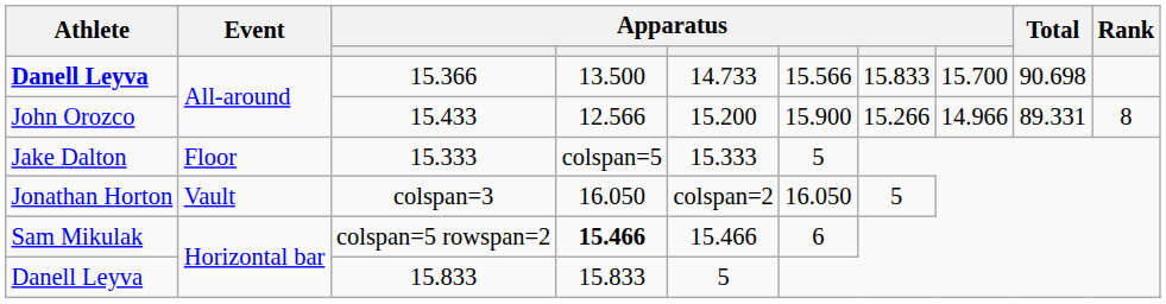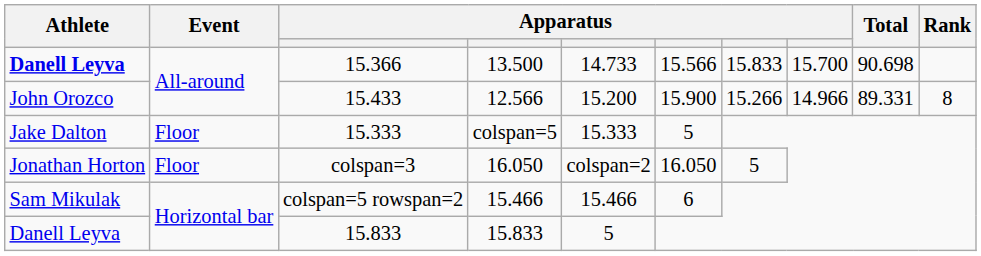 <table class=wikitable style=font-size:90%;text-align:center>
 <tr>
 <th rowspan=2>Athlete</th>
 <th rowspan=2>Event</th>
 <th colspan=6>Apparatus</th>
 <th rowspan=2>Total</th>
 <th rowspan=2>Rank</th>
 </tr>
 <tr style=font-size:95%>
 <th></th>
 <th></th>
 <th></th>
 <th></th>
 <th></th>
 <th></th>
 </tr>
 <tr>
 <td align=left><strong><a href='#'>Danell Leyva</a></strong></td>
 <td align=left rowspan=2><a href='#'>All-around</a></td>
 <td>15.366</td>
 <td>13.500</td>
 <td>14.733</td>
 <td>15.566</td>
 <td>15.833</td>
 <td>15.700</td>
 <td>90.698</td>
 <td></td>
 </tr>
 <tr>
 <td align=left><a href='#'>John Orozco</a></td>
 <td>15.433</td>
 <td>12.566</td>
 <td>15.200</td>
 <td>15.900</td>
 <td>15.266</td>
 <td>14.966</td>
 <td>89.331</td>
 <td>8</td>
 </tr>
 <tr>
 <td align=left><a href='#'>Jake Dalton</a></td>
 <td align=left><a href='#'>Floor</a></td>
 <td>15.333</td>
 <td>colspan=5 </td>
 <td>15.333</td>
 <td>5</td>
 </tr>
 <tr>
 <td align=left><a href='#'>Jonathan Horton</a></td>
-<td align=left><a href='#'>Vault</a></td>
+<td align=left><a href='#'>Floor</a></td>
 <td>colspan=3 </td>
 <td>16.050</td>
 <td>colspan=2 </td>
 <td>16.050</td>
 <td>5</td>
 </tr>
 <tr>
 <td align=left><a href='#'>Sam Mikulak</a></td>
 <td align=left rowspan=2><a href='#'>Horizontal bar</a></td>
 <td>colspan=5 rowspan=2 </td>
-<td><strong>15.466</strong></td>
+<td>15.466</td>
 <td>15.466</td>
 <td>6</td>
 </tr>
 <tr>
 <td align=left><a href='#'>Danell Leyva</a></td>
 <td>15.833</td>
 <td>15.833</td>
 <td>5</td>
 </tr>
 </table>
